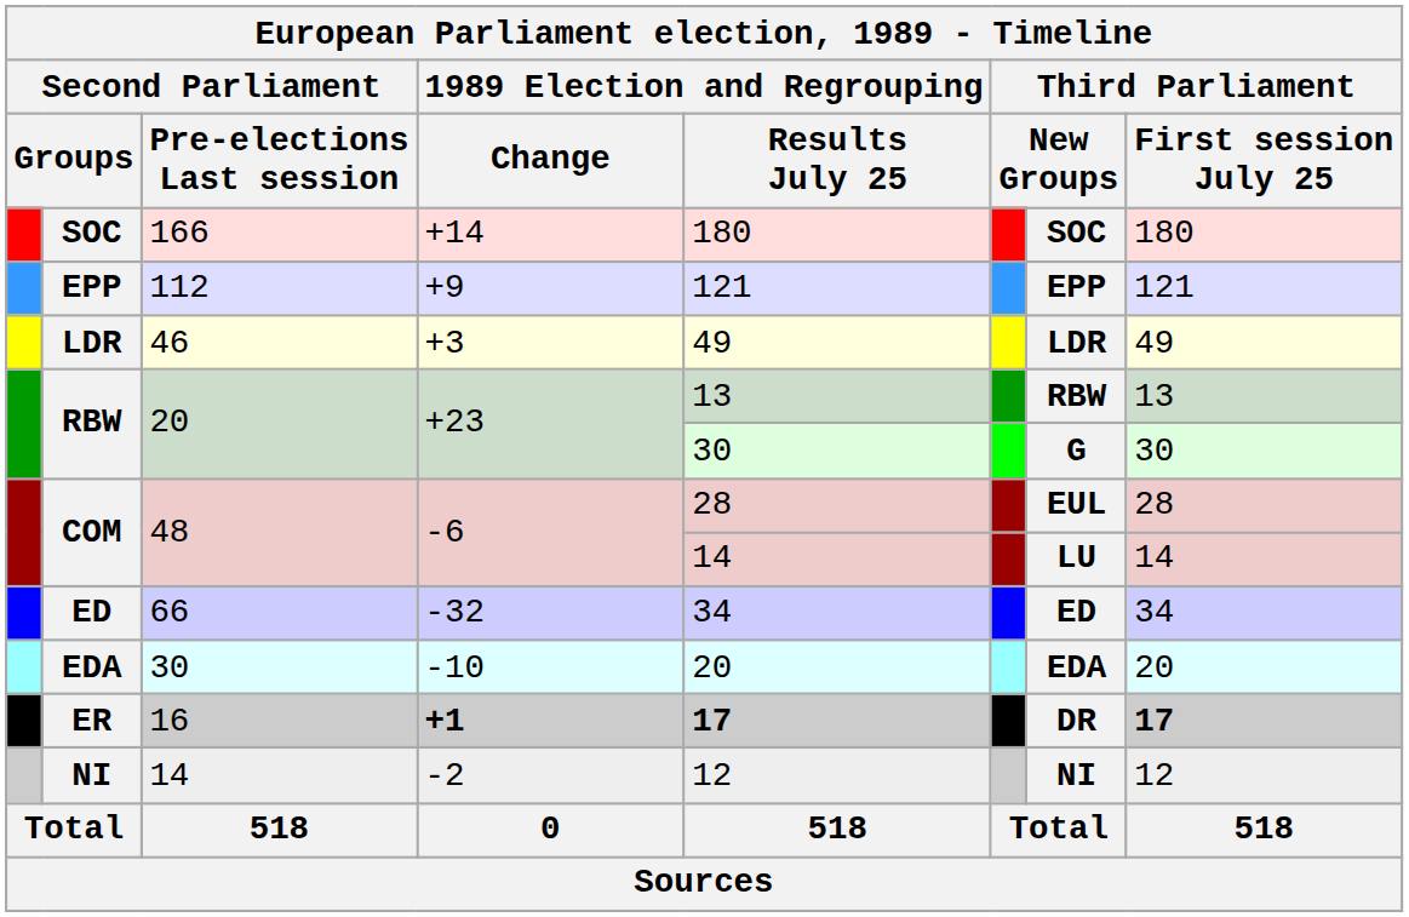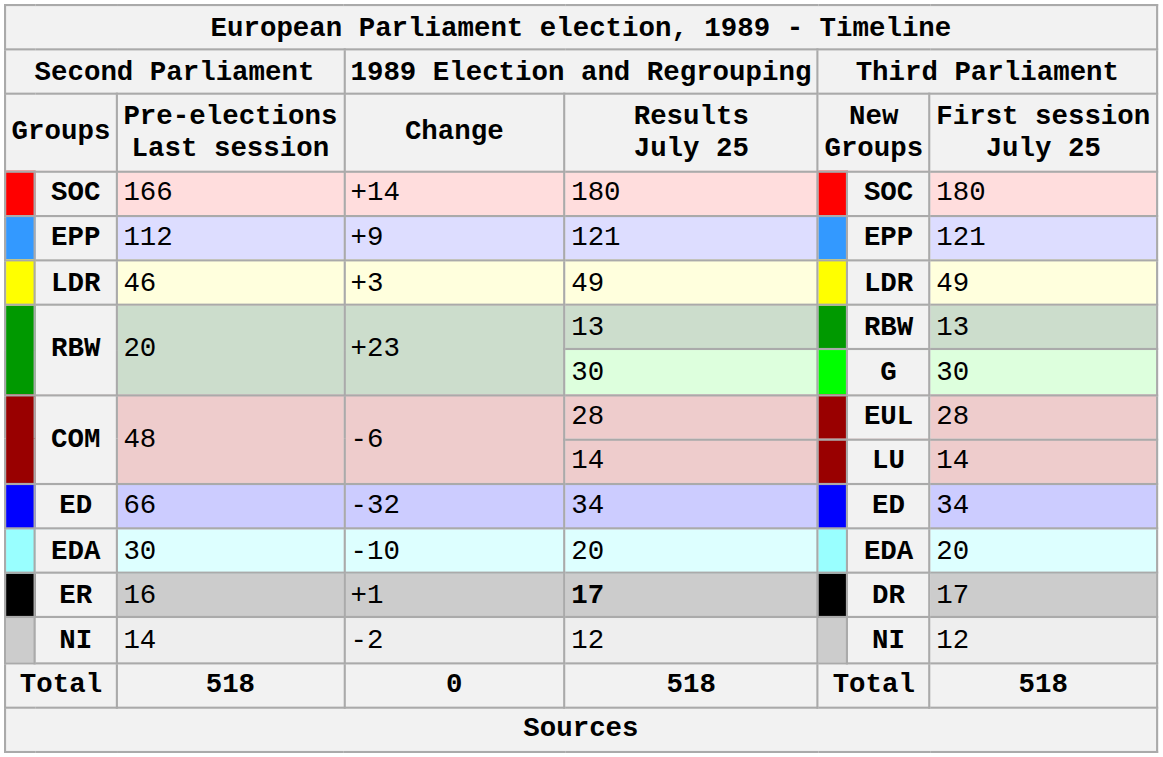 <table class="wikitable">
 <tr>
 <th colspan="8">European Parliament election, 1989 - Timeline</th>
 </tr>
 <tr>
 <th colspan="3">Second Parliament</th>
 <th colspan="2">1989 Election and Regrouping</th>
 <th colspan="3">Third Parliament</th>
 </tr>
 <tr>
 <th colspan="2">Groups</th>
 <th>Pre-elections<br>Last session</th>
 <th>Change</th>
 <th>Results<br>July 25</th>
 <th colspan="2">New<br>Groups</th>
 <th>First session<br>July 25</th>
 </tr>
 <tr BGCOLOR="#FFDDDD">
 <th style="background-color:#FF0000; width: 3px;"> </th>
 <th>SOC</th>
 <td>166</td>
 <td>+14</td>
 <td>180</td>
 <th style="background-color:#FF0000; width: 3px;"> </th>
 <th>SOC</th>
 <td>180</td>
 </tr>
 <tr BGCOLOR="#DDDDFF">
 <th style="background-color:#3399FF; width: 3px;"> </th>
 <th>EPP</th>
 <td>112</td>
 <td>+9</td>
 <td>121</td>
 <th style="background-color:#3399FF; width: 3px;"> </th>
 <th>EPP</th>
 <td>121</td>
 </tr>
 <tr BGCOLOR="#FFFFDD">
 <th style="background-color:#FFFF00; width: 3px;"> </th>
 <th>LDR</th>
 <td>46</td>
 <td>+3</td>
 <td>49</td>
 <th style="background-color:#FFFF00; width: 3px;"> </th>
 <th>LDR</th>
 <td>49</td>
 </tr>
 <tr BGCOLOR="#CCDDCC">
 <th rowspan="2" style="background-color:#009900; width: 3px;"> </th>
 <th rowspan="2">RBW</th>
 <td rowspan="2">20</td>
 <td rowspan="2">+23</td>
 <td>13</td>
 <th style="background-color:#009900; width: 3px;"> </th>
 <th>RBW</th>
 <td>13</td>
 </tr>
 <tr BGCOLOR="#DDFFDD">
 <td>30</td>
 <th style="background-color:#00FF00; width: 3px;"> </th>
 <th>G</th>
 <td>30</td>
 </tr>
 <tr BGCOLOR="#EECCCC">
 <th rowspan="2" style="background-color:#990000; width: 3px;"> </th>
 <th rowspan="2">COM</th>
 <td rowspan="2">48</td>
 <td rowspan="2">-6</td>
 <td>28</td>
 <th style="background-color:#990000; width: 3px;"> </th>
 <th>EUL</th>
 <td>28</td>
 </tr>
 <tr BGCOLOR="#EECCCC">
 <td>14</td>
 <th style="background-color:#990000; width: 3px;"> </th>
 <th>LU</th>
 <td>14</td>
 </tr>
 <tr BGCOLOR="#CCCCFF">
 <th style="background-color:#0000FF; width: 3px;"> </th>
 <th>ED</th>
 <td>66</td>
 <td>-32</td>
 <td>34</td>
 <th style="background-color:#0000FF; width: 3px;"> </th>
 <th>ED</th>
 <td>34</td>
 </tr>
 <tr BGCOLOR="#DDFFFF">
 <th style="background-color:#99FFFF; width: 3px;"> </th>
 <th>EDA</th>
 <td>30</td>
 <td>-10</td>
 <td>20</td>
 <th style="background-color:#99FFFF; width: 3px;"> </th>
 <th>EDA</th>
 <td>20</td>
 </tr>
 <tr BGCOLOR="#CCCCCC">
 <th style="background-color:#000000; width: 3px;"> </th>
 <th>ER</th>
 <td>16</td>
-<td><strong>+1</strong></td>
+<td>+1</td>
 <td><strong>17</strong></td>
 <th style="background-color:#000000; width: 3px;"> </th>
 <th>DR</th>
-<td><strong>17</strong></td>
+<td>17</td>
 </tr>
 <tr BGCOLOR="#EEEEEE">
 <th style="background-color:#CCCCCC; width: 3px;"> </th>
 <th>NI</th>
 <td>14</td>
 <td>-2</td>
 <td>12</td>
 <th style="background-color:#CCCCCC; width: 3px;"> </th>
 <th>NI</th>
 <td>12</td>
 </tr>
 <tr>
 <th colspan="2">Total</th>
 <th>518</th>
 <th>0</th>
 <th>518</th>
 <th colspan="2">Total</th>
 <th>518</th>
 </tr>
 <tr>
 <th colspan="10">Sources <small>     </small></th>
 </tr>
 </table>
